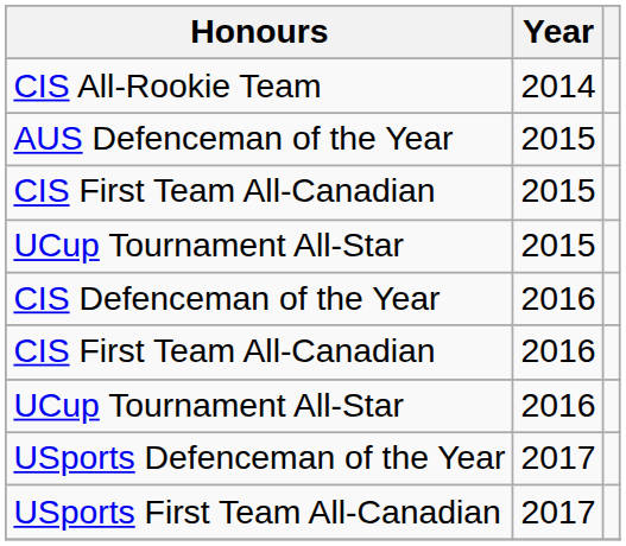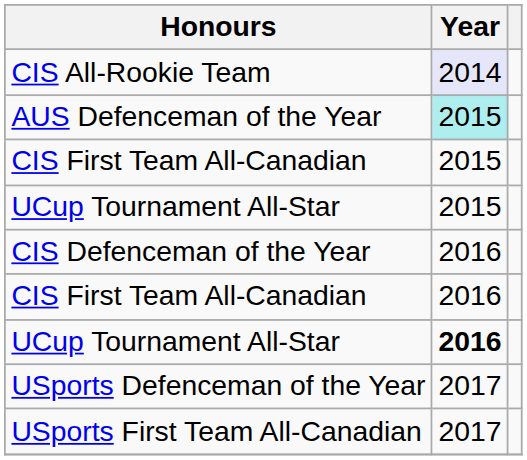 <table class="wikitable">
 <tr>
 <th>Honours</th>
 <th>Year</th>
 <th></th>
 </tr>
 <tr>
 <td><a href='#'>CIS</a> All-Rookie Team</td>
-<td>2014</td>
+<td style="background: lavender;">2014</td>
 <td></td>
 </tr>
 <tr>
 <td><a href='#'>AUS</a> Defenceman of the Year</td>
-<td>2015</td>
+<td style="background: paleturquoise;">2015</td>
 <td></td>
 </tr>
 <tr>
 <td><a href='#'>CIS</a> First Team All-Canadian</td>
 <td>2015</td>
 <td></td>
 </tr>
 <tr>
 <td><a href='#'>UCup</a> Tournament All-Star</td>
 <td>2015</td>
 <td></td>
 </tr>
 <tr>
 <td><a href='#'>CIS</a> Defenceman of the Year</td>
 <td>2016</td>
 <td></td>
 </tr>
 <tr>
 <td><a href='#'>CIS</a> First Team All-Canadian</td>
 <td>2016</td>
 <td></td>
 </tr>
 <tr>
 <td><a href='#'>UCup</a> Tournament All-Star</td>
-<td>2016</td>
+<td><strong>2016</strong></td>
 <td></td>
 </tr>
 <tr>
 <td><a href='#'>USports</a> Defenceman of the Year</td>
 <td>2017</td>
 <td></td>
 </tr>
 <tr>
 <td><a href='#'>USports</a> First Team All-Canadian</td>
 <td>2017</td>
 <td></td>
 </tr>
 <tr>
 </tr>
 </table>
